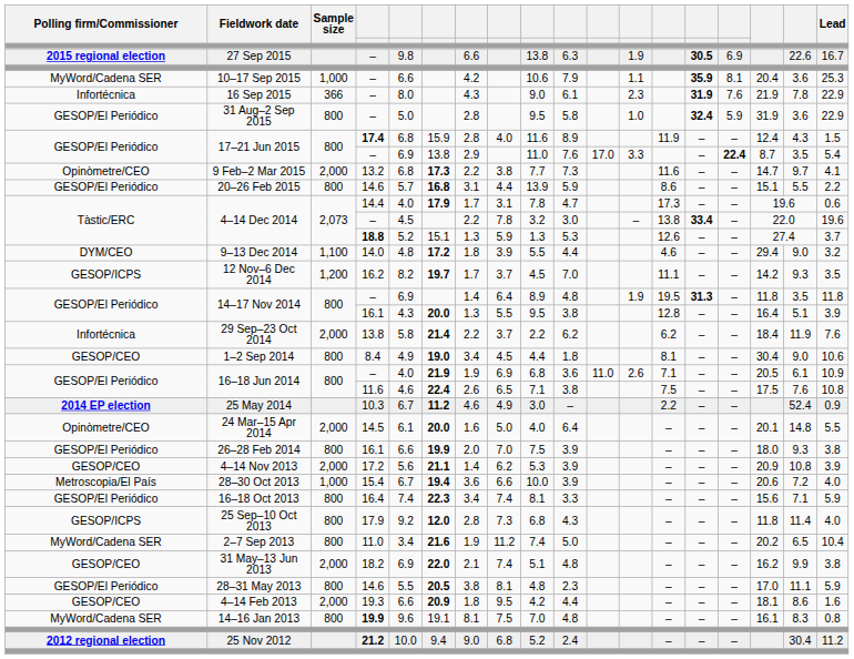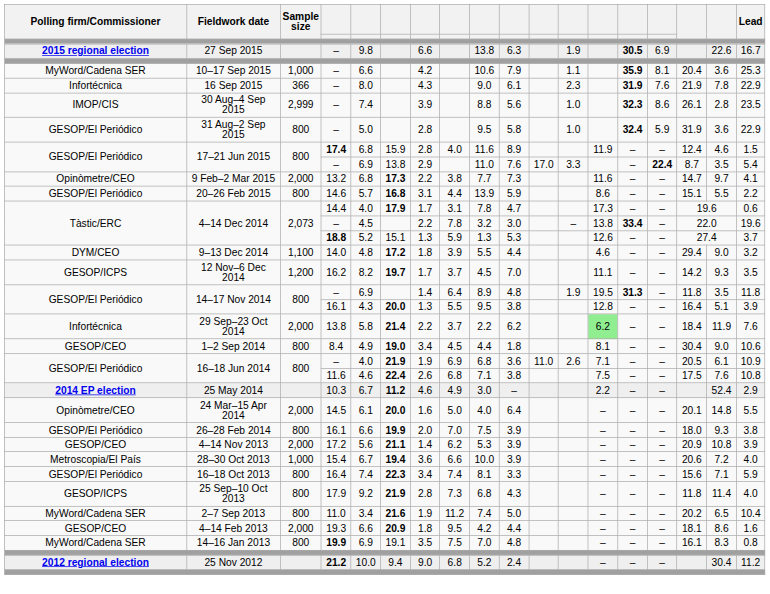 <table class="wikitable collapsible collapsed" style="text-align:center; font-size:90%; line-height:14px;">
 <tr style="height:42px;">
 <th style="width:250px;" rowspan="2">Polling firm/Commissioner</th>
 <th style="width:125px;" rowspan="2">Fieldwork date</th>
 <th style="width:50px;" rowspan="2">Sample size</th>
 <th style="width:35px;"></th>
 <th style="width:35px;"></th>
 <th style="width:35px;"></th>
 <th style="width:35px;"></th>
 <th style="width:35px;"></th>
 <th style="width:35px;"></th>
 <th style="width:35px;"></th>
 <th style="width:35px;"></th>
 <th style="width:35px;"></th>
 <th style="width:35px;"></th>
 <th style="width:35px;"></th>
 <th style="width:35px;"></th>
 <th style="width:35px;" rowspan="2"></th>
 <th style="width:35px;" rowspan="2"></th>
 <th style="width:30px;" rowspan="2">Lead</th>
 </tr>
 <tr>
 <th style="color:inherit;background:"></th>
 <th style="color:inherit;background:"></th>
 <th style="color:inherit;background:"></th>
 <th style="color:inherit;background:"></th>
 <th style="color:inherit;background:"></th>
 <th style="color:inherit;background:"></th>
 <th style="color:inherit;background:"></th>
 <th style="color:inherit;background:"></th>
 <th style="color:inherit;background:"></th>
 <th style="color:inherit;background:"></th>
 <th style="color:inherit;background:"></th>
 <th style="color:inherit;background:"></th>
 </tr>
 <tr>
 <td colspan="18" style="background:#A0A0A0"></td>
 </tr>
 <tr style="background:#EFEFEF;">
 <td><strong><a href='#'>2015 regional election</a></strong></td>
 <td>27 Sep 2015</td>
 <td></td>
 <td>–</td>
 <td>9.8</td>
 <td></td>
 <td>6.6</td>
 <td></td>
 <td>13.8</td>
 <td>6.3</td>
 <td></td>
 <td>1.9</td>
 <td></td>
 <td><strong>30.5</strong></td>
 <td>6.9</td>
 <td></td>
 <td>22.6</td>
 <td style="background:">16.7</td>
 </tr>
 <tr>
 <td colspan="18" style="background:#A0A0A0"></td>
 </tr>
 <tr>
 <td>MyWord/Cadena SER</td>
 <td>10–17 Sep 2015</td>
 <td>1,000</td>
 <td>–</td>
 <td>6.6</td>
 <td></td>
 <td>4.2</td>
 <td></td>
 <td>10.6</td>
 <td>7.9</td>
 <td></td>
 <td>1.1</td>
 <td></td>
 <td><strong>35.9</strong></td>
 <td>8.1</td>
 <td>20.4</td>
 <td>3.6</td>
 <td style="background:">25.3</td>
 </tr>
 <tr>
 <td>Infortécnica</td>
 <td>16 Sep 2015</td>
 <td>366</td>
 <td>–</td>
 <td>8.0</td>
 <td></td>
 <td>4.3</td>
 <td></td>
 <td>9.0</td>
 <td>6.1</td>
 <td></td>
 <td>2.3</td>
 <td></td>
 <td><strong>31.9</strong></td>
 <td>7.6</td>
 <td>21.9</td>
 <td>7.8</td>
 <td style="background:">22.9</td>
 </tr>
 <tr>
+<td>IMOP/CIS</td>
+<td>30 Aug–4 Sep 2015</td>
+<td>2,999</td>
+<td>–</td>
+<td>7.4</td>
+<td></td>
+<td>3.9</td>
+<td></td>
+<td>8.8</td>
+<td>5.6</td>
+<td></td>
+<td>1.0</td>
+<td></td>
+<td><strong>32.3</strong></td>
+<td>8.6</td>
+<td>26.1</td>
+<td>2.8</td>
+<td style="background:">23.5</td>
+</tr>
+<tr>
 <td>GESOP/El Periódico</td>
 <td>31 Aug–2 Sep 2015</td>
 <td>800</td>
 <td>–</td>
 <td>5.0</td>
 <td></td>
 <td>2.8</td>
 <td></td>
 <td>9.5</td>
 <td>5.8</td>
 <td></td>
 <td>1.0</td>
 <td></td>
 <td><strong>32.4</strong></td>
 <td>5.9</td>
 <td>31.9</td>
 <td>3.6</td>
 <td style="background:">22.9</td>
 </tr>
 <tr>
 <td rowspan="2">GESOP/El Periódico</td>
 <td rowspan="2">17–21 Jun 2015</td>
 <td rowspan="2">800</td>
 <td><strong>17.4</strong></td>
 <td>6.8</td>
 <td>15.9</td>
 <td>2.8</td>
 <td>4.0</td>
 <td>11.6</td>
 <td>8.9</td>
 <td></td>
 <td></td>
 <td>11.9</td>
 <td>–</td>
 <td>–</td>
 <td>12.4</td>
-<td>4.3</td>
+<td>4.6</td>
 <td style="background:">1.5</td>
 </tr>
 <tr>
 <td>–</td>
 <td>6.9</td>
 <td>13.8</td>
 <td>2.9</td>
 <td></td>
 <td>11.0</td>
 <td>7.6</td>
 <td>17.0</td>
 <td>3.3</td>
 <td></td>
 <td>–</td>
 <td><strong>22.4</strong></td>
 <td>8.7</td>
 <td>3.5</td>
 <td style="background:">5.4</td>
 </tr>
 <tr>
 <td>Opinòmetre/CEO</td>
 <td>9 Feb–2 Mar 2015</td>
 <td>2,000</td>
 <td>13.2</td>
 <td>6.8</td>
 <td><strong>17.3</strong></td>
 <td>2.2</td>
 <td>3.8</td>
 <td>7.7</td>
 <td>7.3</td>
 <td></td>
 <td></td>
 <td>11.6</td>
 <td>–</td>
 <td>–</td>
 <td>14.7</td>
 <td>9.7</td>
 <td style="background:">4.1</td>
 </tr>
 <tr>
 <td>GESOP/El Periódico</td>
 <td>20–26 Feb 2015</td>
 <td>800</td>
 <td>14.6</td>
 <td>5.7</td>
 <td><strong>16.8</strong></td>
 <td>3.1</td>
 <td>4.4</td>
 <td>13.9</td>
 <td>5.9</td>
 <td></td>
 <td></td>
 <td>8.6</td>
 <td>–</td>
 <td>–</td>
 <td>15.1</td>
 <td>5.5</td>
 <td style="background:">2.2</td>
 </tr>
 <tr>
 <td rowspan="3">Tàstic/ERC</td>
 <td rowspan="3">4–14 Dec 2014</td>
 <td rowspan="3">2,073</td>
 <td>14.4</td>
 <td>4.0</td>
 <td><strong>17.9</strong></td>
 <td>1.7</td>
 <td>3.1</td>
 <td>7.8</td>
 <td>4.7</td>
 <td></td>
 <td></td>
 <td>17.3</td>
 <td>–</td>
 <td>–</td>
 <td colspan="2">19.6</td>
 <td style="background:">0.6</td>
 </tr>
 <tr>
 <td>–</td>
 <td>4.5</td>
 <td></td>
 <td>2.2</td>
 <td>7.8</td>
 <td>3.2</td>
 <td>3.0</td>
 <td></td>
 <td>–</td>
 <td>13.8</td>
 <td><strong>33.4</strong></td>
 <td>–</td>
 <td colspan="2">22.0</td>
 <td style="background:">19.6</td>
 </tr>
 <tr>
 <td><strong>18.8</strong></td>
 <td>5.2</td>
 <td>15.1</td>
 <td>1.3</td>
 <td>5.9</td>
 <td>1.3</td>
 <td>5.3</td>
 <td></td>
 <td></td>
 <td>12.6</td>
 <td>–</td>
 <td>–</td>
 <td colspan="2">27.4</td>
 <td style="background:">3.7</td>
 </tr>
 <tr>
 <td>DYM/CEO</td>
 <td>9–13 Dec 2014</td>
 <td>1,100</td>
 <td>14.0</td>
 <td>4.8</td>
 <td><strong>17.2</strong></td>
 <td>1.8</td>
 <td>3.9</td>
 <td>5.5</td>
 <td>4.4</td>
 <td></td>
 <td></td>
 <td>4.6</td>
 <td>–</td>
 <td>–</td>
 <td>29.4</td>
 <td>9.0</td>
 <td style="background:">3.2</td>
 </tr>
 <tr>
 <td>GESOP/ICPS</td>
 <td>12 Nov–6 Dec 2014</td>
 <td>1,200</td>
 <td>16.2</td>
 <td>8.2</td>
 <td><strong>19.7</strong></td>
 <td>1.7</td>
 <td>3.7</td>
 <td>4.5</td>
 <td>7.0</td>
 <td></td>
 <td></td>
 <td>11.1</td>
 <td>–</td>
 <td>–</td>
 <td>14.2</td>
 <td>9.3</td>
 <td style="background:">3.5</td>
 </tr>
 <tr>
 <td rowspan="2">GESOP/El Periódico</td>
 <td rowspan="2">14–17 Nov 2014</td>
 <td rowspan="2">800</td>
 <td>–</td>
 <td>6.9</td>
 <td></td>
 <td>1.4</td>
 <td>6.4</td>
 <td>8.9</td>
 <td>4.8</td>
 <td></td>
 <td>1.9</td>
 <td>19.5</td>
 <td><strong>31.3</strong></td>
 <td>–</td>
 <td>11.8</td>
 <td>3.5</td>
 <td style="background:">11.8</td>
 </tr>
 <tr>
 <td>16.1</td>
 <td>4.3</td>
 <td><strong>20.0</strong></td>
 <td>1.3</td>
 <td>5.5</td>
 <td>9.5</td>
 <td>3.8</td>
 <td></td>
 <td></td>
 <td>12.8</td>
 <td>–</td>
 <td>–</td>
 <td>16.4</td>
 <td>5.1</td>
 <td style="background:">3.9</td>
 </tr>
 <tr>
 <td>Infortécnica</td>
 <td>29 Sep–23 Oct 2014</td>
 <td>2,000</td>
 <td>13.8</td>
 <td>5.8</td>
 <td><strong>21.4</strong></td>
 <td>2.2</td>
 <td>3.7</td>
 <td>2.2</td>
 <td>6.2</td>
 <td></td>
 <td></td>
-<td>6.2</td>
+<td style="background: lightgreen;">6.2</td>
 <td>–</td>
 <td>–</td>
 <td>18.4</td>
 <td>11.9</td>
 <td style="background:">7.6</td>
 </tr>
 <tr>
 <td>GESOP/CEO</td>
 <td>1–2 Sep 2014</td>
 <td>800</td>
 <td>8.4</td>
 <td>4.9</td>
 <td><strong>19.0</strong></td>
 <td>3.4</td>
 <td>4.5</td>
 <td>4.4</td>
 <td>1.8</td>
 <td></td>
 <td></td>
 <td>8.1</td>
 <td>–</td>
 <td>–</td>
 <td>30.4</td>
 <td>9.0</td>
 <td style="background:">10.6</td>
 </tr>
 <tr>
 <td rowspan="2">GESOP/El Periódico</td>
 <td rowspan="2">16–18 Jun 2014</td>
 <td rowspan="2">800</td>
 <td>–</td>
 <td>4.0</td>
 <td><strong>21.9</strong></td>
 <td>1.9</td>
 <td>6.9</td>
 <td>6.8</td>
 <td>3.6</td>
 <td>11.0</td>
 <td>2.6</td>
 <td>7.1</td>
 <td>–</td>
 <td>–</td>
 <td>20.5</td>
 <td>6.1</td>
 <td style="background:">10.9</td>
 </tr>
 <tr>
 <td>11.6</td>
 <td>4.6</td>
 <td><strong>22.4</strong></td>
 <td>2.6</td>
-<td>6.5</td>
+<td>6.8</td>
 <td>7.1</td>
 <td>3.8</td>
 <td></td>
 <td></td>
 <td>7.5</td>
 <td>–</td>
 <td>–</td>
 <td>17.5</td>
 <td>7.6</td>
 <td style="background:">10.8</td>
 </tr>
 <tr style="background:#EFEFEF;">
 <td><strong><a href='#'>2014 EP election</a></strong></td>
 <td>25 May 2014</td>
 <td></td>
 <td>10.3</td>
 <td>6.7</td>
 <td><strong>11.2</strong></td>
 <td>4.6</td>
 <td>4.9</td>
 <td>3.0</td>
 <td>–</td>
 <td></td>
 <td></td>
 <td>2.2</td>
 <td>–</td>
 <td>–</td>
 <td></td>
 <td>52.4</td>
-<td style="background:">0.9</td>
+<td style="background:">2.9</td>
 </tr>
 <tr>
 <td>Opinòmetre/CEO</td>
 <td>24 Mar–15 Apr 2014</td>
 <td>2,000</td>
 <td>14.5</td>
 <td>6.1</td>
 <td><strong>20.0</strong></td>
 <td>1.6</td>
 <td>5.0</td>
 <td>4.0</td>
 <td>6.4</td>
 <td></td>
 <td></td>
 <td>–</td>
 <td>–</td>
 <td>–</td>
 <td>20.1</td>
 <td>14.8</td>
 <td style="background:">5.5</td>
 </tr>
 <tr>
 <td>GESOP/El Periódico</td>
 <td>26–28 Feb 2014</td>
 <td>800</td>
 <td>16.1</td>
 <td>6.6</td>
 <td><strong>19.9</strong></td>
 <td>2.0</td>
 <td>7.0</td>
 <td>7.5</td>
 <td>3.9</td>
 <td></td>
 <td></td>
 <td>–</td>
 <td>–</td>
 <td>–</td>
 <td>18.0</td>
 <td>9.3</td>
 <td style="background:">3.8</td>
 </tr>
 <tr>
 <td>GESOP/CEO</td>
 <td>4–14 Nov 2013</td>
 <td>2,000</td>
 <td>17.2</td>
 <td>5.6</td>
 <td><strong>21.1</strong></td>
 <td>1.4</td>
 <td>6.2</td>
 <td>5.3</td>
 <td>3.9</td>
 <td></td>
 <td></td>
 <td>–</td>
 <td>–</td>
 <td>–</td>
 <td>20.9</td>
 <td>10.8</td>
 <td style="background:">3.9</td>
 </tr>
 <tr>
 <td>Metroscopia/El País</td>
 <td>28–30 Oct 2013</td>
 <td>1,000</td>
 <td>15.4</td>
 <td>6.7</td>
 <td><strong>19.4</strong></td>
 <td>3.6</td>
 <td>6.6</td>
 <td>10.0</td>
 <td>3.9</td>
 <td></td>
 <td></td>
 <td>–</td>
 <td>–</td>
 <td>–</td>
 <td>20.6</td>
 <td>7.2</td>
 <td style="background:">4.0</td>
 </tr>
 <tr>
 <td>GESOP/El Periódico</td>
 <td>16–18 Oct 2013</td>
 <td>800</td>
 <td>16.4</td>
 <td>7.4</td>
 <td><strong>22.3</strong></td>
 <td>3.4</td>
 <td>7.4</td>
 <td>8.1</td>
 <td>3.3</td>
 <td></td>
 <td></td>
 <td>–</td>
 <td>–</td>
 <td>–</td>
 <td>15.6</td>
 <td>7.1</td>
 <td style="background:">5.9</td>
 </tr>
 <tr>
 <td>GESOP/ICPS</td>
 <td>25 Sep–10 Oct 2013</td>
 <td>800</td>
 <td>17.9</td>
 <td>9.2</td>
-<td><strong>12.0</strong></td>
+<td><strong>21.9</strong></td>
 <td>2.8</td>
 <td>7.3</td>
 <td>6.8</td>
 <td>4.3</td>
 <td></td>
 <td></td>
 <td>–</td>
 <td>–</td>
 <td>–</td>
 <td>11.8</td>
 <td>11.4</td>
 <td style="background:">4.0</td>
 </tr>
 <tr>
 <td>MyWord/Cadena SER</td>
 <td>2–7 Sep 2013</td>
 <td>800</td>
 <td>11.0</td>
 <td>3.4</td>
 <td><strong>21.6</strong></td>
 <td>1.9</td>
 <td>11.2</td>
 <td>7.4</td>
 <td>5.0</td>
 <td></td>
 <td></td>
 <td>–</td>
 <td>–</td>
 <td>–</td>
 <td>20.2</td>
 <td>6.5</td>
 <td style="background:">10.4</td>
 </tr>
 <tr>
 <td>GESOP/CEO</td>
-<td>31 May–13 Jun 2013</td>
-<td>2,000</td>
-<td>18.2</td>
-<td>6.9</td>
-<td><strong>22.0</strong></td>
-<td>2.1</td>
-<td>7.4</td>
-<td>5.1</td>
-<td>4.8</td>
-<td></td>
-<td></td>
-<td>–</td>
-<td>–</td>
-<td>–</td>
-<td>16.2</td>
-<td>9.9</td>
-<td style="background:">3.8</td>
-</tr>
-<tr>
-<td>GESOP/El Periódico</td>
-<td>28–31 May 2013</td>
-<td>800</td>
-<td>14.6</td>
-<td>5.5</td>
-<td><strong>20.5</strong></td>
-<td>3.8</td>
-<td>8.1</td>
-<td>4.8</td>
-<td>2.3</td>
-<td></td>
-<td></td>
-<td>–</td>
-<td>–</td>
-<td>–</td>
-<td>17.0</td>
-<td>11.1</td>
-<td style="background:">5.9</td>
-</tr>
-<tr>
-<td>GESOP/CEO</td>
 <td>4–14 Feb 2013</td>
 <td>2,000</td>
 <td>19.3</td>
 <td>6.6</td>
 <td><strong>20.9</strong></td>
 <td>1.8</td>
 <td>9.5</td>
 <td>4.2</td>
 <td>4.4</td>
 <td></td>
 <td></td>
 <td>–</td>
 <td>–</td>
 <td>–</td>
 <td>18.1</td>
 <td>8.6</td>
 <td style="background:">1.6</td>
 </tr>
 <tr>
 <td>MyWord/Cadena SER</td>
 <td>14–16 Jan 2013</td>
 <td>800</td>
 <td><strong>19.9</strong></td>
-<td>9.6</td>
+<td>6.9</td>
 <td>19.1</td>
-<td>8.1</td>
+<td>3.5</td>
 <td>7.5</td>
 <td>7.0</td>
 <td>4.8</td>
 <td></td>
 <td></td>
 <td>–</td>
 <td>–</td>
 <td>–</td>
 <td>16.1</td>
 <td>8.3</td>
 <td style="background:">0.8</td>
 </tr>
 <tr>
 <td colspan="18" style="background:#A0A0A0"></td>
 </tr>
 <tr style="background:#EFEFEF;">
 <td><strong><a href='#'>2012 regional election</a></strong></td>
 <td>25 Nov 2012</td>
 <td></td>
 <td><strong>21.2</strong></td>
 <td>10.0</td>
 <td>9.4</td>
 <td>9.0</td>
 <td>6.8</td>
 <td>5.2</td>
 <td>2.4</td>
 <td></td>
 <td></td>
 <td>–</td>
 <td>–</td>
 <td>–</td>
 <td></td>
 <td>30.4</td>
 <td style="background:">11.2</td>
 </tr>
 <tr>
 <td colspan="18" style="background:#A0A0A0"></td>
 </tr>
 </table>
